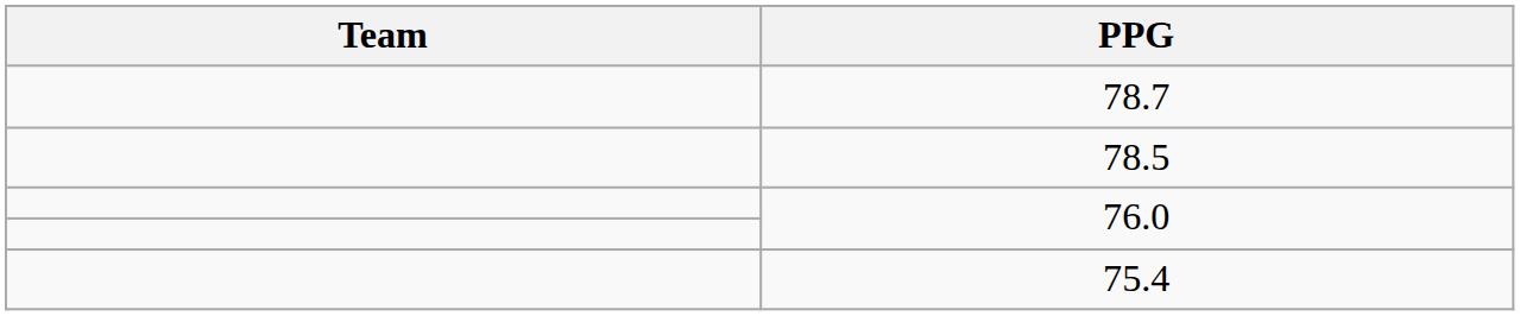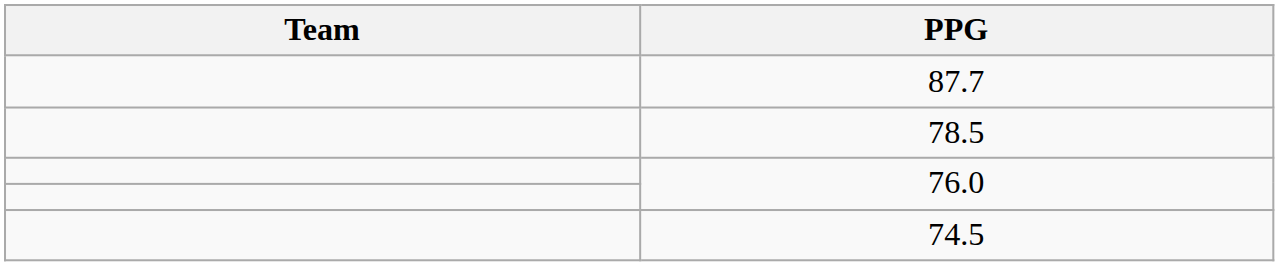 <table class=wikitable width="50%">
 <tr>
 <th width="10%">Team</th>
 <th width="10%">PPG</th>
 </tr>
 <tr>
 <td></td>
-<td align=center>78.7</td>
+<td align=center>87.7</td>
 </tr>
 <tr>
 <td></td>
 <td align=center>78.5</td>
 </tr>
 <tr>
 <td></td>
 <td align=center rowspan=2>76.0</td>
 </tr>
 <tr>
 <td></td>
 </tr>
 <tr>
 <td></td>
-<td align=center>75.4</td>
+<td align=center>74.5</td>
 </tr>
 </table>
